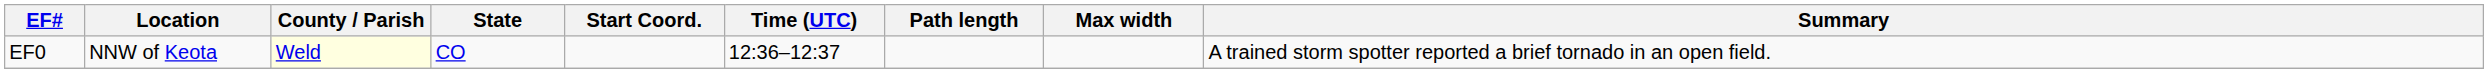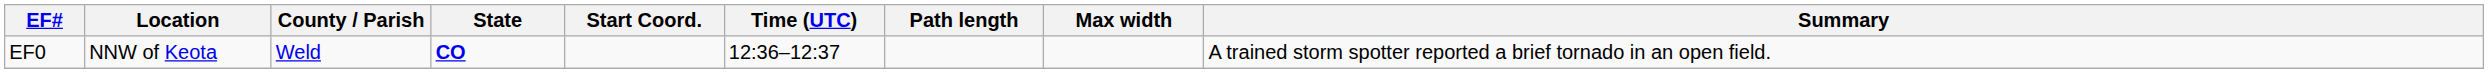 <table class="wikitable sortable" style="width:100%;">
 <tr>
 <th scope="col" style="width:3%; text-align:center;"><a href='#'>EF#</a></th>
 <th scope="col" style="width:7%; text-align:center;" class="unsortable">Location</th>
 <th scope="col" style="width:6%; text-align:center;" class="unsortable">County / Parish</th>
 <th scope="col" style="width:5%; text-align:center;">State</th>
 <th scope="col" style="width:6%; text-align:center;">Start Coord.</th>
 <th scope="col" style="width:6%; text-align:center;">Time (<a href='#'>UTC</a>)</th>
 <th scope="col" style="width:6%; text-align:center;">Path length</th>
 <th scope="col" style="width:6%; text-align:center;">Max width</th>
 <th scope="col" class="unsortable" style="width:48%; text-align:center;">Summary</th>
 </tr>
 <tr>
 <td bgcolor=>EF0</td>
 <td>NNW of <a href='#'>Keota</a></td>
-<td style="background: lightyellow;"><a href='#'>Weld</a></td>
-<td><a href='#'>CO</a></td>
+<td><a href='#'>Weld</a></td>
+<td><strong><a href='#'>CO</a></strong></td>
 <td></td>
 <td>12:36–12:37</td>
 <td></td>
 <td></td>
 <td>A trained storm spotter reported a brief tornado in an open field.</td>
 </tr>
 <tr>
 </tr>
 </table>
